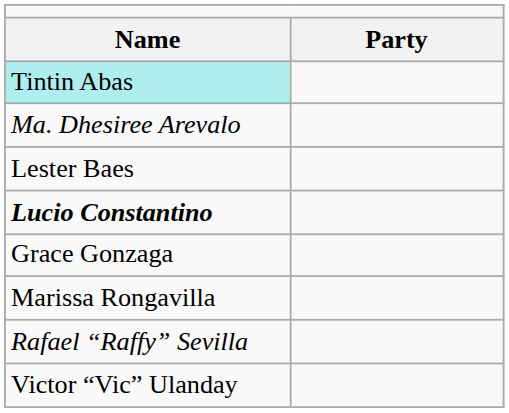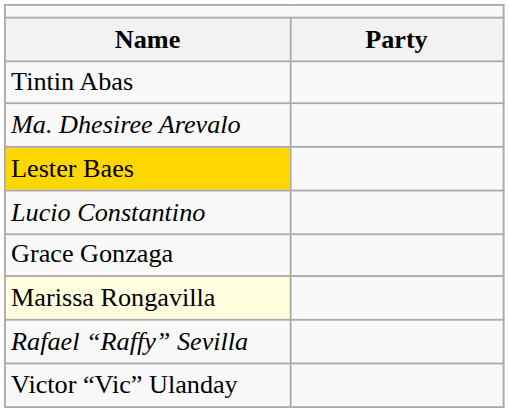 <table class=wikitable style="font-size:90%">
 <tr>
 <td colspan=4 bgcolor=></td>
 </tr>
 <tr>
 <th width=150px>Name</th>
 <th colspan=2 width=110px>Party</th>
 </tr>
 <tr>
-<td style="background: paleturquoise;">Tintin Abas</td>
+<td>Tintin Abas</td>
 <td></td>
 </tr>
 <tr>
 <td><em>Ma. Dhesiree Arevalo</em></td>
 <td></td>
 </tr>
 <tr>
-<td>Lester Baes</td>
+<td style="background: gold;">Lester Baes</td>
 <td></td>
 </tr>
 <tr>
-<td><strong><em>Lucio Constantino</em></strong></td>
+<td><em>Lucio Constantino</em></td>
 <td></td>
 </tr>
 <tr>
 <td>Grace Gonzaga</td>
 <td></td>
 </tr>
 <tr>
-<td>Marissa Rongavilla</td>
+<td style="background: lightyellow;">Marissa Rongavilla</td>
 <td></td>
 </tr>
 <tr>
 <td><em>Rafael “Raffy” Sevilla</em></td>
 <td></td>
 </tr>
 <tr>
 <td>Victor “Vic” Ulanday</td>
 <td></td>
 </tr>
 </table>
